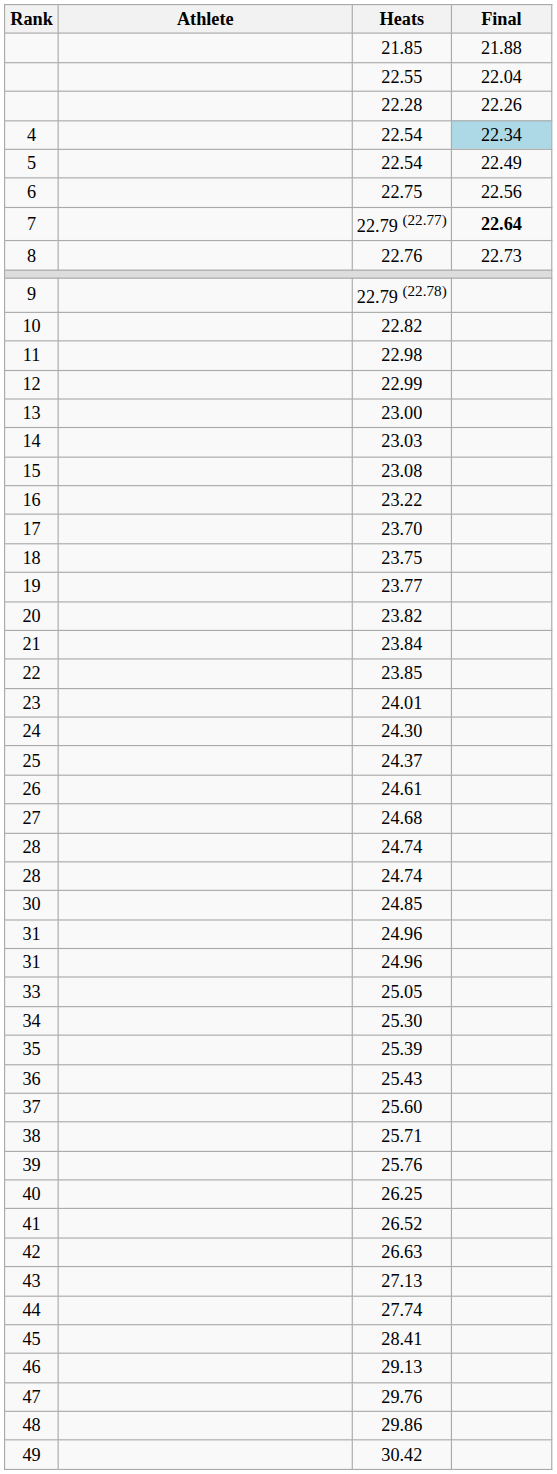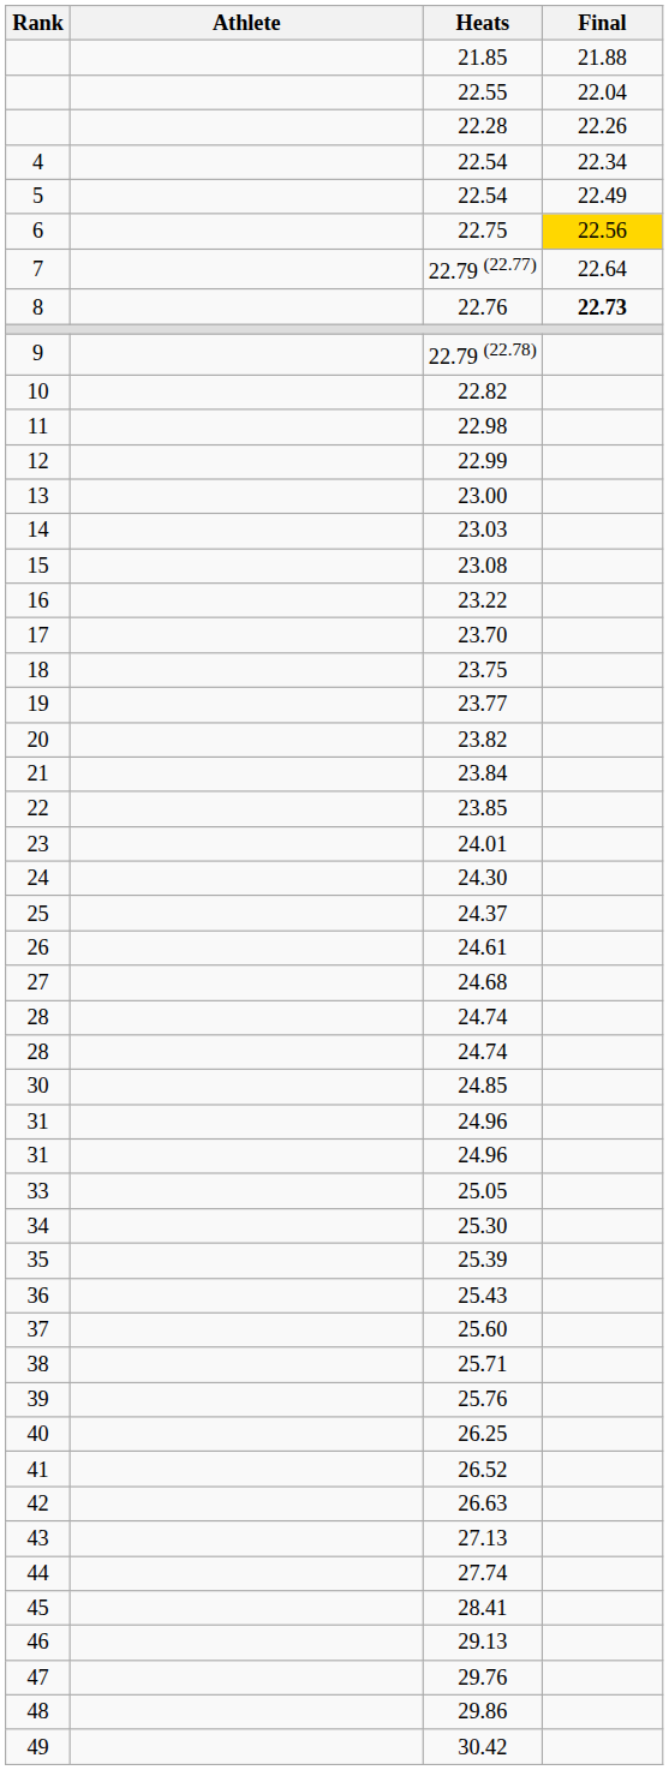 <table class=wikitable style="text-align:center">
 <tr>
 <th width=40>Rank</th>
 <th width=250>Athlete</th>
 <th width=80>Heats</th>
 <th width=80>Final</th>
 </tr>
 <tr>
 <td></td>
 <td align=left></td>
 <td>21.85</td>
 <td>21.88</td>
 </tr>
 <tr>
 <td></td>
 <td align=left></td>
 <td>22.55</td>
 <td>22.04</td>
 </tr>
 <tr>
 <td></td>
 <td align=left></td>
 <td>22.28</td>
 <td>22.26</td>
 </tr>
 <tr>
 <td>4</td>
 <td align=left></td>
 <td>22.54</td>
-<td style="background: lightblue;">22.34</td>
+<td>22.34</td>
 </tr>
 <tr>
 <td>5</td>
 <td align=left></td>
 <td>22.54</td>
 <td>22.49</td>
 </tr>
 <tr>
 <td>6</td>
 <td align=left></td>
 <td>22.75</td>
-<td>22.56</td>
+<td style="background: gold;">22.56</td>
 </tr>
 <tr>
 <td>7</td>
 <td align=left></td>
 <td>22.79 <sup>(22.77)</sup></td>
-<td><strong>22.64</strong></td>
+<td>22.64</td>
 </tr>
 <tr>
 <td>8</td>
 <td align=left></td>
 <td>22.76</td>
-<td>22.73</td>
+<td><strong>22.73</strong></td>
 </tr>
 <tr bgcolor=#DDDDDD>
 <td colspan=4></td>
 </tr>
 <tr>
 <td>9</td>
 <td align=left></td>
 <td>22.79 <sup>(22.78)</sup></td>
 <td></td>
 </tr>
 <tr>
 <td>10</td>
 <td align=left></td>
 <td>22.82</td>
 <td></td>
 </tr>
 <tr>
 <td>11</td>
 <td align=left></td>
 <td>22.98</td>
 <td></td>
 </tr>
 <tr>
 <td>12</td>
 <td align=left></td>
 <td>22.99</td>
 <td></td>
 </tr>
 <tr>
 <td>13</td>
 <td align=left></td>
 <td>23.00</td>
 <td></td>
 </tr>
 <tr>
 <td>14</td>
 <td align=left></td>
 <td>23.03</td>
 <td></td>
 </tr>
 <tr>
 <td>15</td>
 <td align=left></td>
 <td>23.08</td>
 <td></td>
 </tr>
 <tr>
 <td>16</td>
 <td align=left></td>
 <td>23.22</td>
 <td></td>
 </tr>
 <tr>
 <td>17</td>
 <td align=left></td>
 <td>23.70</td>
 <td></td>
 </tr>
 <tr>
 <td>18</td>
 <td align=left></td>
 <td>23.75</td>
 <td></td>
 </tr>
 <tr>
 <td>19</td>
 <td align=left></td>
 <td>23.77</td>
 <td></td>
 </tr>
 <tr>
 <td>20</td>
 <td align=left></td>
 <td>23.82</td>
 <td></td>
 </tr>
 <tr>
 <td>21</td>
 <td align=left></td>
 <td>23.84</td>
 <td></td>
 </tr>
 <tr>
 <td>22</td>
 <td align=left></td>
 <td>23.85</td>
 <td></td>
 </tr>
 <tr>
 <td>23</td>
 <td align=left></td>
 <td>24.01</td>
 <td></td>
 </tr>
 <tr>
 <td>24</td>
 <td align=left></td>
 <td>24.30</td>
 <td></td>
 </tr>
 <tr>
 <td>25</td>
 <td align=left></td>
 <td>24.37</td>
 <td></td>
 </tr>
 <tr>
 <td>26</td>
 <td align=left></td>
 <td>24.61</td>
 <td></td>
 </tr>
 <tr>
 <td>27</td>
 <td align=left></td>
 <td>24.68</td>
 <td></td>
 </tr>
 <tr>
 <td>28</td>
 <td align=left></td>
 <td>24.74</td>
 <td></td>
 </tr>
 <tr>
 <td>28</td>
 <td align=left></td>
 <td>24.74</td>
 <td></td>
 </tr>
 <tr>
 <td>30</td>
 <td align=left></td>
 <td>24.85</td>
 <td></td>
 </tr>
 <tr>
 <td>31</td>
 <td align=left></td>
 <td>24.96</td>
 <td></td>
 </tr>
 <tr>
 <td>31</td>
 <td align=left></td>
 <td>24.96</td>
 <td></td>
 </tr>
 <tr>
 <td>33</td>
 <td align=left></td>
 <td>25.05</td>
 <td></td>
 </tr>
 <tr>
 <td>34</td>
 <td align=left></td>
 <td>25.30</td>
 <td></td>
 </tr>
 <tr>
 <td>35</td>
 <td align=left></td>
 <td>25.39</td>
 <td></td>
 </tr>
 <tr>
 <td>36</td>
 <td align=left></td>
 <td>25.43</td>
 <td></td>
 </tr>
 <tr>
 <td>37</td>
 <td align=left></td>
 <td>25.60</td>
 <td></td>
 </tr>
 <tr>
 <td>38</td>
 <td align=left></td>
 <td>25.71</td>
 <td></td>
 </tr>
 <tr>
 <td>39</td>
 <td align=left></td>
 <td>25.76</td>
 <td></td>
 </tr>
 <tr>
 <td>40</td>
 <td align=left></td>
 <td>26.25</td>
 <td></td>
 </tr>
 <tr>
 <td>41</td>
 <td align=left></td>
 <td>26.52</td>
 <td></td>
 </tr>
 <tr>
 <td>42</td>
 <td align=left></td>
 <td>26.63</td>
 <td></td>
 </tr>
 <tr>
 <td>43</td>
 <td align=left></td>
 <td>27.13</td>
 <td></td>
 </tr>
 <tr>
 <td>44</td>
 <td align=left></td>
 <td>27.74</td>
 <td></td>
 </tr>
 <tr>
 <td>45</td>
 <td align=left></td>
 <td>28.41</td>
 <td></td>
 </tr>
 <tr>
 <td>46</td>
 <td align=left></td>
 <td>29.13</td>
 <td></td>
 </tr>
 <tr>
 <td>47</td>
 <td align=left></td>
 <td>29.76</td>
 <td></td>
 </tr>
 <tr>
 <td>48</td>
 <td align=left></td>
 <td>29.86</td>
 <td></td>
 </tr>
 <tr>
 <td>49</td>
 <td align=left></td>
 <td>30.42</td>
 <td></td>
 </tr>
 </table>
